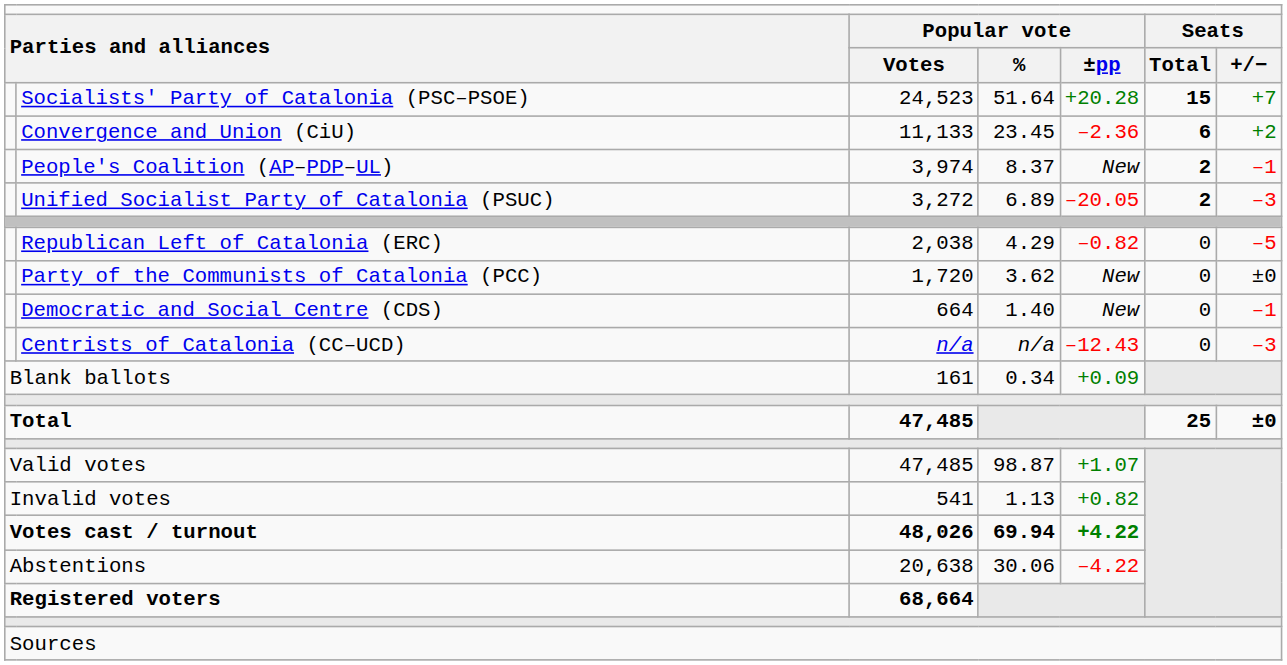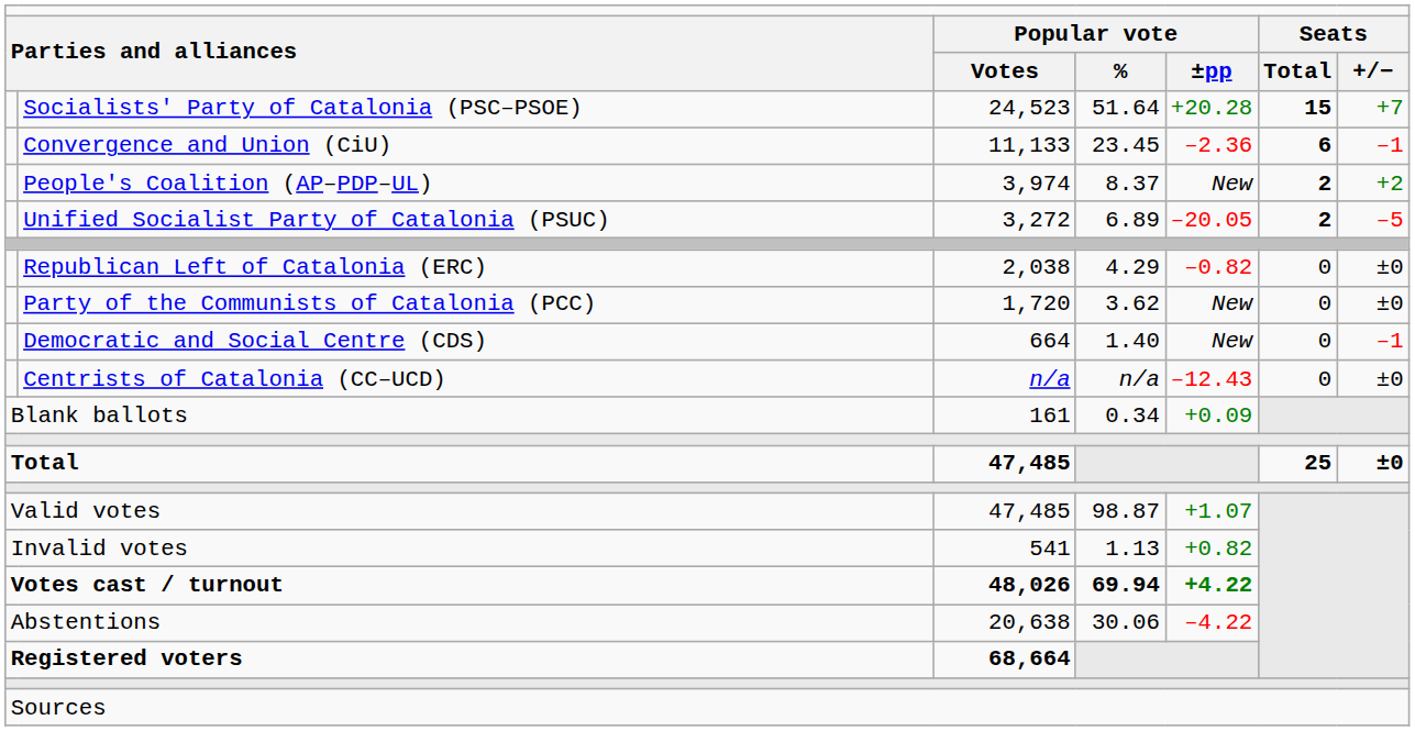 <table class="wikitable" style="text-align:right;">
 <tr>
 <td colspan="7"></td>
 </tr>
 <tr>
 <th style="text-align:left;" rowspan="2" colspan="2" width="525">Parties and alliances</th>
 <th colspan="3">Popular vote</th>
 <th colspan="2">Seats</th>
 </tr>
 <tr>
 <th width="75">Votes</th>
 <th width="45">%</th>
 <th width="45">±<a href='#'>pp</a></th>
 <th width="35">Total</th>
 <th width="35">+/−</th>
 </tr>
 <tr>
 <td width="1" style="color:inherit;background:"></td>
 <td align="left"><a href='#'>Socialists' Party of Catalonia</a> (PSC–PSOE)</td>
 <td>24,523</td>
 <td>51.64</td>
 <td style="color:green;">+20.28</td>
 <td><strong>15</strong></td>
 <td style="color:green;">+7</td>
 </tr>
 <tr>
 <td style="color:inherit;background:"></td>
 <td align="left"><a href='#'>Convergence and Union</a> (CiU)</td>
 <td>11,133</td>
 <td>23.45</td>
 <td style="color:red;">–2.36</td>
 <td><strong>6</strong></td>
-<td style="color:green;">+2</td>
+<td style="color:red;">–1</td>
 </tr>
 <tr>
 <td style="color:inherit;background:"></td>
 <td align="left"><a href='#'>People's Coalition</a> (<a href='#'>AP</a>–<a href='#'>PDP</a>–<a href='#'>UL</a>)</td>
 <td>3,974</td>
 <td>8.37</td>
 <td><em>New</em></td>
 <td><strong>2</strong></td>
-<td style="color:red;">–1</td>
+<td style="color:green;">+2</td>
 </tr>
 <tr>
 <td style="color:inherit;background:"></td>
 <td align="left"><a href='#'>Unified Socialist Party of Catalonia</a> (PSUC)</td>
 <td>3,272</td>
 <td>6.89</td>
 <td style="color:red;">–20.05</td>
 <td><strong>2</strong></td>
-<td style="color:red;">–3</td>
+<td style="color:red;">–5</td>
 </tr>
 <tr>
 <td colspan="7" style="color:inherit;background:#C0C0C0"></td>
 </tr>
 <tr>
 <td style="color:inherit;background:"></td>
 <td align="left"><a href='#'>Republican Left of Catalonia</a> (ERC)</td>
 <td>2,038</td>
 <td>4.29</td>
 <td style="color:red;">–0.82</td>
 <td>0</td>
-<td style="color:red;">–5</td>
+<td>±0</td>
 </tr>
 <tr>
 <td style="color:inherit;background:"></td>
 <td align="left"><a href='#'>Party of the Communists of Catalonia</a> (PCC)</td>
 <td>1,720</td>
 <td>3.62</td>
 <td><em>New</em></td>
 <td>0</td>
 <td>±0</td>
 </tr>
 <tr>
 <td style="color:inherit;background:"></td>
 <td align="left"><a href='#'>Democratic and Social Centre</a> (CDS)</td>
 <td>664</td>
 <td>1.40</td>
 <td><em>New</em></td>
 <td>0</td>
 <td style="color:red;">–1</td>
 </tr>
 <tr>
 <td style="color:inherit;background:"></td>
 <td align="left"><a href='#'>Centrists of Catalonia</a> (CC–UCD)</td>
 <td><em><a href='#'>n/a</a></em></td>
 <td><em>n/a</em></td>
 <td style="color:red;">–12.43</td>
 <td>0</td>
-<td style="color:red;">–3</td>
+<td>±0</td>
 </tr>
 <tr>
 <td align="left" colspan="2">Blank ballots</td>
 <td>161</td>
 <td>0.34</td>
 <td style="color:green;">+0.09</td>
 <td style="color:inherit;background:#E9E9E9" colspan="2"></td>
 </tr>
 <tr>
 <td colspan="7" style="color:inherit;background:#E9E9E9"></td>
 </tr>
 <tr style="font-weight:bold;">
 <td align="left" colspan="2">Total</td>
 <td>47,485</td>
 <td bgcolor="#E9E9E9" colspan="2"></td>
 <td>25</td>
 <td>±0</td>
 </tr>
 <tr>
 <td colspan="7" style="color:inherit;background:#E9E9E9"></td>
 </tr>
 <tr>
 <td align="left" colspan="2">Valid votes</td>
 <td>47,485</td>
 <td>98.87</td>
 <td style="color:green;">+1.07</td>
 <td bgcolor="#E9E9E9" colspan="2" rowspan="5"></td>
 </tr>
 <tr>
 <td align="left" colspan="2">Invalid votes</td>
 <td>541</td>
 <td>1.13</td>
 <td style="color:green;">+0.82</td>
 </tr>
 <tr style="font-weight:bold;">
 <td align="left" colspan="2">Votes cast / turnout</td>
 <td>48,026</td>
 <td>69.94</td>
 <td style="color:green;">+4.22</td>
 </tr>
 <tr>
 <td align="left" colspan="2">Abstentions</td>
 <td>20,638</td>
 <td>30.06</td>
 <td style="color:red;">–4.22</td>
 </tr>
 <tr style="font-weight:bold;">
 <td align="left" colspan="2">Registered voters</td>
 <td>68,664</td>
 <td bgcolor="#E9E9E9" colspan="2"></td>
 </tr>
 <tr>
 <td colspan="7" style="color:inherit;background:#E9E9E9"></td>
 </tr>
 <tr>
 <td align="left" colspan="7">Sources</td>
 </tr>
 </table>
